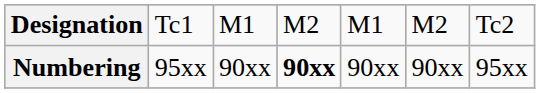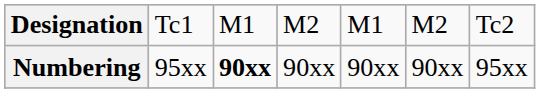 <table class="wikitable">
 <tr>
 <th>Designation</th>
 <td>Tc1</td>
 <td>M1</td>
 <td>M2</td>
 <td>M1</td>
 <td>M2</td>
 <td>Tc2</td>
 </tr>
 <tr>
 <th>Numbering</th>
 <td>95xx</td>
+<td><strong>90xx</strong></td>
 <td>90xx</td>
-<td><strong>90xx</strong></td>
 <td>90xx</td>
 <td>90xx</td>
 <td>95xx</td>
 </tr>
 </table>
